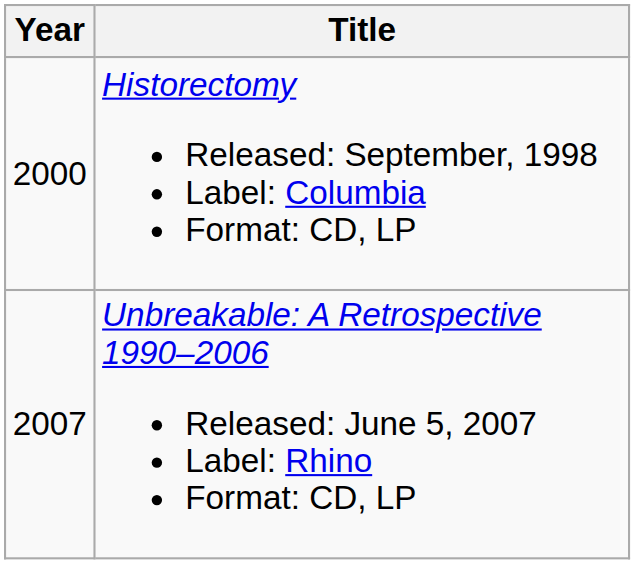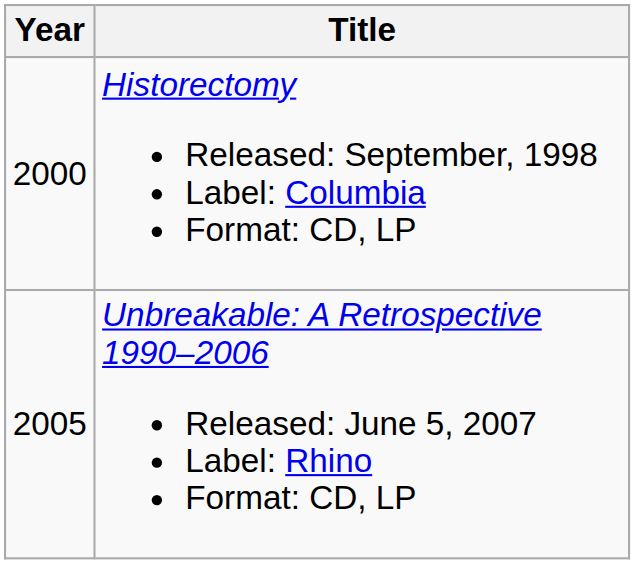 <table class="wikitable">
 <tr>
 <th>Year</th>
 <th width="250">Title</th>
 </tr>
 <tr>
 <td>2000</td>
 <td><em><a href='#'>Historectomy</a></em><br><ul><li>Released: September, 1998</li><li>Label: <a href='#'>Columbia</a></li><li>Format: CD, LP</li></ul></td>
 </tr>
 <tr>
-<td>2007</td>
+<td>2005</td>
 <td><em><a href='#'>Unbreakable: A Retrospective 1990–2006</a></em><br><ul><li>Released: June 5, 2007</li><li>Label: <a href='#'>Rhino</a></li><li>Format: CD, LP</li></ul></td>
 </tr>
 </table>
